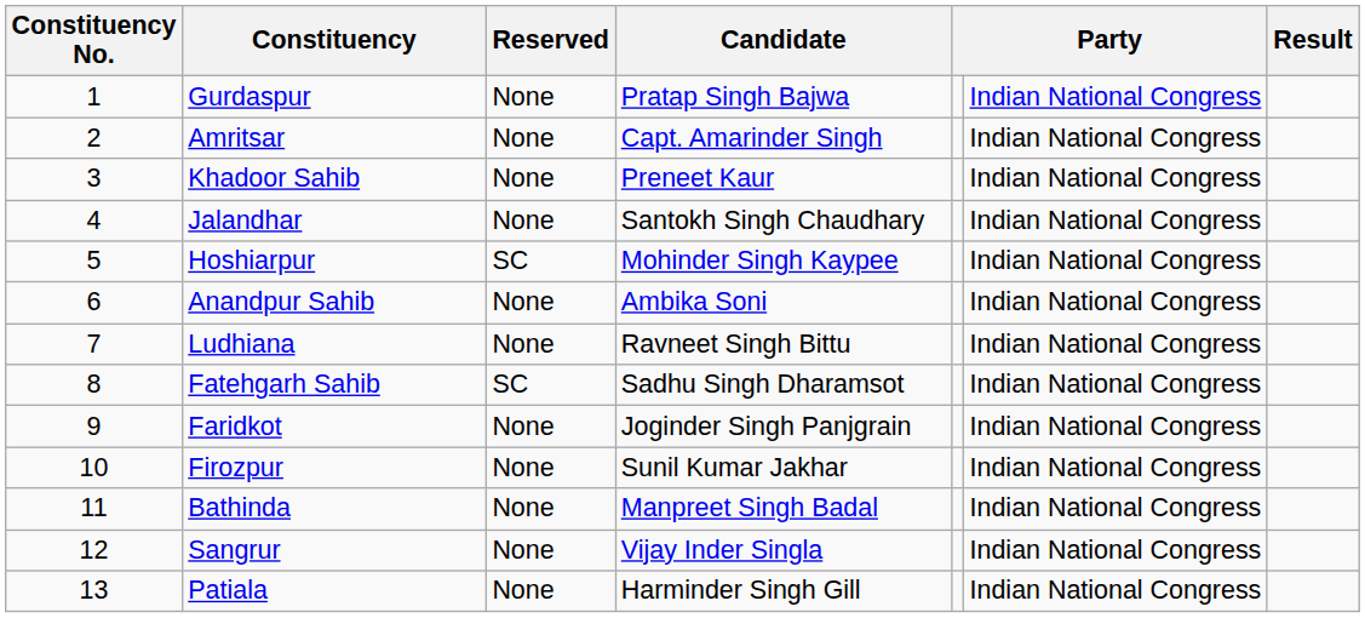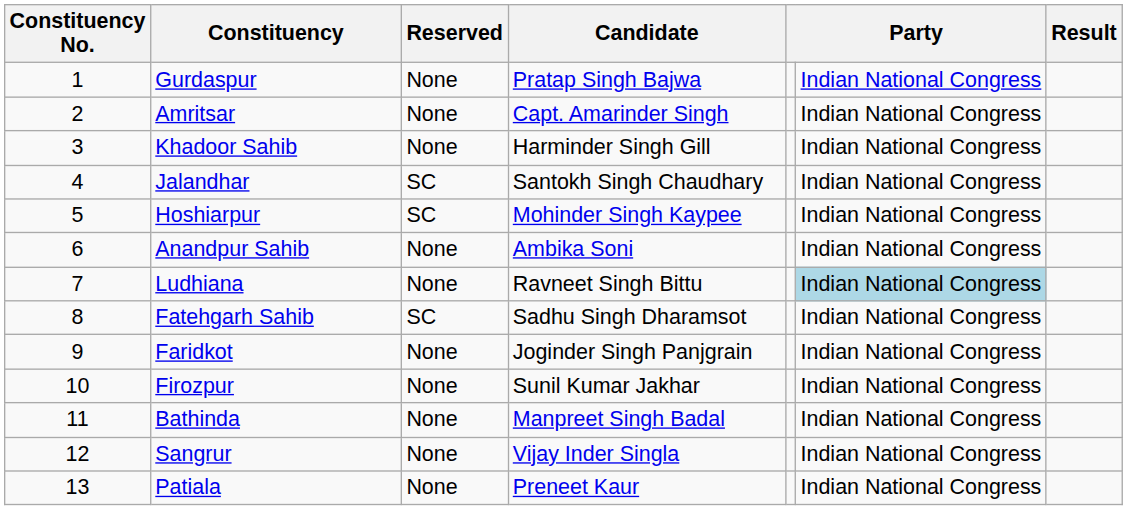 <table class= "wikitable sortable">
 <tr>
 <th>Constituency <br> No.</th>
 <th style="width:180px;">Constituency</th>
 <th>Reserved</th>
 <th style="width:200px;">Candidate</th>
 <th colspan=2>Party</th>
 <th>Result</th>
 </tr>
 <tr>
 <td align="center">1</td>
 <td><a href='#'>Gurdaspur</a></td>
 <td>None</td>
 <td><a href='#'>Pratap Singh Bajwa</a></td>
 <td></td>
 <td><a href='#'>Indian National Congress</a></td>
 <td></td>
 </tr>
 <tr>
 <td align="center">2</td>
 <td><a href='#'>Amritsar</a></td>
 <td>None</td>
 <td><a href='#'>Capt. Amarinder Singh</a></td>
 <td></td>
 <td>Indian National Congress</td>
 <td></td>
 </tr>
 <tr>
 <td align="center">3</td>
 <td><a href='#'>Khadoor Sahib</a></td>
 <td>None</td>
-<td><a href='#'>Preneet Kaur</a></td>
+<td>Harminder Singh Gill</td>
 <td></td>
 <td>Indian National Congress</td>
 <td></td>
 </tr>
 <tr>
 <td align="center">4</td>
 <td><a href='#'>Jalandhar</a></td>
-<td>None</td>
+<td>SC</td>
 <td>Santokh Singh Chaudhary</td>
 <td></td>
 <td>Indian National Congress</td>
 <td></td>
 </tr>
 <tr>
 <td align="center">5</td>
 <td><a href='#'>Hoshiarpur</a></td>
 <td>SC</td>
 <td><a href='#'>Mohinder Singh Kaypee</a></td>
 <td></td>
 <td>Indian National Congress</td>
 <td></td>
 </tr>
 <tr>
 <td align="center">6</td>
 <td><a href='#'>Anandpur Sahib</a></td>
 <td>None</td>
 <td><a href='#'>Ambika Soni</a></td>
 <td></td>
 <td>Indian National Congress</td>
 <td></td>
 </tr>
 <tr>
 <td align="center">7</td>
 <td><a href='#'>Ludhiana</a></td>
 <td>None</td>
 <td>Ravneet Singh Bittu</td>
 <td></td>
-<td>Indian National Congress</td>
+<td style="background: lightblue;">Indian National Congress</td>
 <td></td>
 </tr>
 <tr>
 <td align="center">8</td>
 <td><a href='#'>Fatehgarh Sahib</a></td>
 <td>SC</td>
 <td>Sadhu Singh Dharamsot</td>
 <td></td>
 <td>Indian National Congress</td>
 <td></td>
 </tr>
 <tr>
 <td align="center">9</td>
 <td><a href='#'>Faridkot</a></td>
 <td>None</td>
 <td>Joginder Singh Panjgrain</td>
 <td></td>
 <td>Indian National Congress</td>
 <td></td>
 </tr>
 <tr>
 <td align="center">10</td>
 <td><a href='#'>Firozpur</a></td>
 <td>None</td>
 <td>Sunil Kumar Jakhar</td>
 <td></td>
 <td>Indian National Congress</td>
 <td></td>
 </tr>
 <tr>
 <td align="center">11</td>
 <td><a href='#'>Bathinda</a></td>
 <td>None</td>
 <td><a href='#'>Manpreet Singh Badal</a></td>
 <td></td>
 <td>Indian National Congress</td>
 <td></td>
 </tr>
 <tr>
 <td align="center">12</td>
 <td><a href='#'>Sangrur</a></td>
 <td>None</td>
 <td><a href='#'>Vijay Inder Singla</a></td>
 <td></td>
 <td>Indian National Congress</td>
 <td></td>
 </tr>
 <tr>
 <td align="center">13</td>
 <td><a href='#'>Patiala</a></td>
 <td>None</td>
-<td>Harminder Singh Gill</td>
+<td><a href='#'>Preneet Kaur</a></td>
 <td></td>
 <td>Indian National Congress</td>
 <td></td>
 </tr>
 </table>
